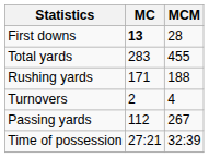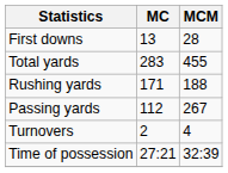 <table class="wikitable">
 <tr>
 <th>Statistics</th>
 <th>MC</th>
 <th>MCM</th>
 </tr>
 <tr>
 <td>First downs</td>
-<td><strong>13</strong></td>
+<td>13</td>
 <td>28</td>
 </tr>
 <tr>
 <td>Total yards</td>
 <td>283</td>
 <td>455</td>
 </tr>
 <tr>
 <td>Rushing yards</td>
 <td>171</td>
 <td>188</td>
 </tr>
 <tr>
+<td>Passing yards</td>
+<td>112</td>
+<td>267</td>
+</tr>
+<tr>
 <td>Turnovers</td>
 <td>2</td>
 <td>4</td>
-</tr>
-<tr>
-<td>Passing yards</td>
-<td>112</td>
-<td>267</td>
 </tr>
 <tr>
 <td>Time of possession</td>
 <td>27:21</td>
 <td>32:39</td>
 </tr>
 <tr>
 </tr>
 </table>
